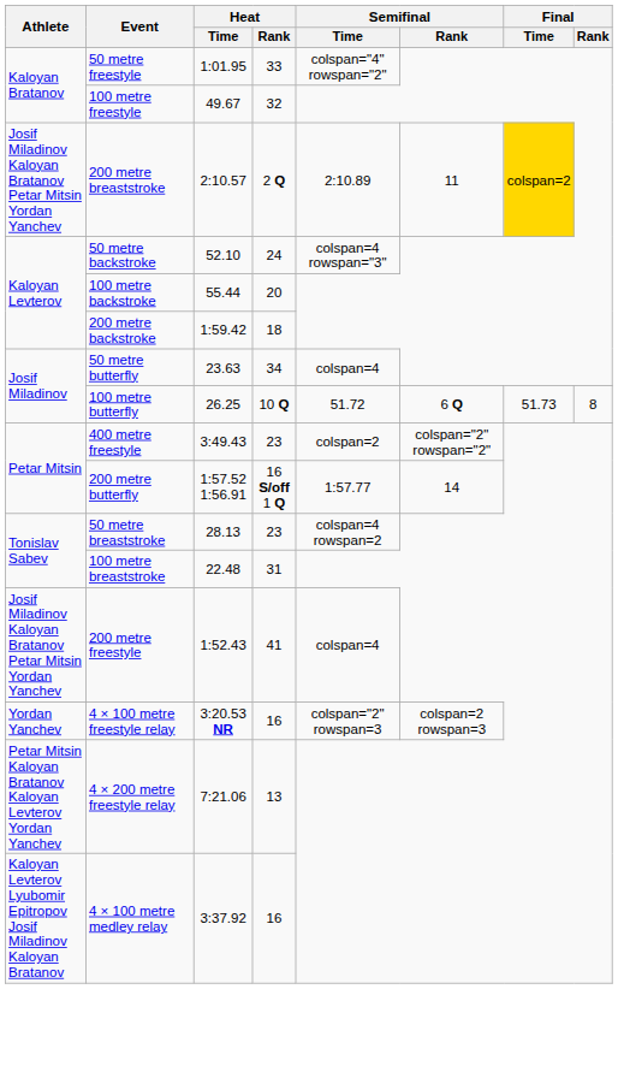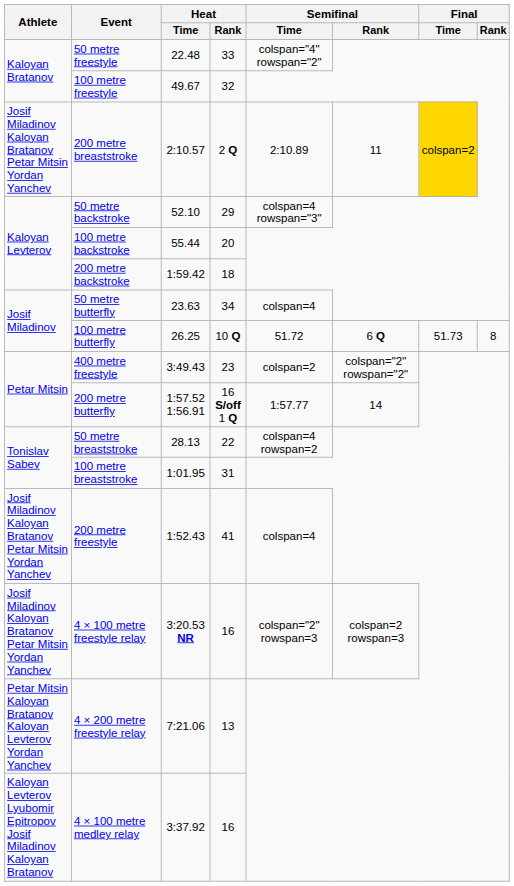 <table class="wikitable" style="text-align:center; font-size:90%; width:50%;">
 <tr>
 <th rowspan="2">Athlete</th>
 <th rowspan="2">Event</th>
 <th colspan="2">Heat</th>
 <th colspan="2">Semifinal</th>
 <th colspan="2">Final</th>
 </tr>
 <tr style="font-size:95%">
 <th>Time</th>
 <th>Rank</th>
 <th>Time</th>
 <th>Rank</th>
 <th>Time</th>
 <th>Rank</th>
 </tr>
 <tr align=center>
 <td align=left rowspan="2"><a href='#'>Kaloyan Bratanov</a></td>
 <td align=left><a href='#'>50 metre freestyle</a></td>
-<td>1:01.95</td>
+<td>22.48</td>
 <td>33</td>
 <td>colspan="4" rowspan="2" </td>
 </tr>
 <tr align=center>
 <td align=left><a href='#'>100 metre freestyle</a></td>
 <td>49.67</td>
 <td>32</td>
 </tr>
 <tr align=center>
 <td align=left><a href='#'>Josif Miladinov</a><br><a href='#'>Kaloyan Bratanov</a> <br><a href='#'>Petar Mitsin</a> <br><a href='#'>Yordan Yanchev</a></td>
 <td align=left><a href='#'>200 metre breaststroke</a></td>
 <td>2:10.57</td>
 <td>2 <strong>Q</strong></td>
 <td>2:10.89</td>
 <td>11</td>
 <td style="background: gold;">colspan=2 </td>
 </tr>
 <tr>
 <td align=left rowspan="3"><a href='#'>Kaloyan Levterov</a></td>
 <td align=left><a href='#'>50 metre backstroke</a></td>
 <td>52.10</td>
-<td>24</td>
+<td>29</td>
 <td>colspan=4 rowspan="3" </td>
 </tr>
 <tr>
 <td align=left><a href='#'>100 metre backstroke</a></td>
 <td>55.44</td>
 <td>20</td>
 </tr>
 <tr>
 <td align=left><a href='#'>200 metre backstroke</a></td>
 <td>1:59.42</td>
 <td>18</td>
 </tr>
 <tr>
 <td align=left rowspan=2><a href='#'>Josif Miladinov</a></td>
 <td align=left><a href='#'>50 metre butterfly</a></td>
 <td>23.63</td>
 <td>34</td>
 <td>colspan=4 </td>
 </tr>
 <tr>
 <td align=left><a href='#'>100 metre butterfly</a></td>
 <td>26.25</td>
 <td>10 <strong>Q</strong></td>
 <td>51.72</td>
 <td>6 <strong>Q</strong></td>
 <td>51.73</td>
 <td>8</td>
 </tr>
 <tr align=center>
 <td align=left rowspan="2"><a href='#'>Petar Mitsin</a></td>
 <td align=left><a href='#'>400 metre freestyle</a></td>
 <td>3:49.43</td>
 <td>23</td>
 <td>colspan=2 </td>
 <td>colspan="2" rowspan="2" </td>
 </tr>
 <tr align=center>
 <td align=left><a href='#'>200 metre butterfly</a></td>
 <td>1:57.52 <br>1:56.91</td>
 <td>16 <strong>S/off</strong><br>1 <strong>Q</strong></td>
 <td>1:57.77</td>
 <td>14</td>
 </tr>
 <tr>
 <td align=left rowspan=2><a href='#'>Tonislav Sabev</a></td>
 <td align=left><a href='#'>50 metre breaststroke</a></td>
 <td>28.13</td>
-<td>23</td>
+<td>22</td>
 <td>colspan=4 rowspan=2 </td>
 </tr>
 <tr>
 <td align=left><a href='#'>100 metre breaststroke</a></td>
-<td>22.48</td>
+<td>1:01.95</td>
 <td>31</td>
 </tr>
 <tr align=center>
 <td align=left><a href='#'>Josif Miladinov</a><br><a href='#'>Kaloyan Bratanov</a> <br><a href='#'>Petar Mitsin</a> <br><a href='#'>Yordan Yanchev</a></td>
 <td align=left><a href='#'>200 metre freestyle</a></td>
 <td>1:52.43</td>
 <td>41</td>
 <td>colspan=4 </td>
 </tr>
 <tr>
-<td align=left><a href='#'>Yordan Yanchev</a></td>
+<td align=left><a href='#'>Josif Miladinov</a><br><a href='#'>Kaloyan Bratanov</a> <br><a href='#'>Petar Mitsin</a> <br><a href='#'>Yordan Yanchev</a></td>
 <td align=left><a href='#'>4 × 100 metre freestyle relay</a></td>
 <td>3:20.53 <strong><a href='#'>NR</a></strong></td>
 <td>16</td>
 <td>colspan="2" rowspan=3 </td>
 <td>colspan=2  rowspan=3 </td>
 </tr>
 <tr>
 <td align=left><a href='#'>Petar Mitsin</a> <br><a href='#'>Kaloyan Bratanov</a> <br><a href='#'>Kaloyan Levterov</a> <br><a href='#'>Yordan Yanchev</a></td>
 <td align=left><a href='#'>4 × 200 metre freestyle relay</a></td>
 <td>7:21.06</td>
 <td>13</td>
 </tr>
 <tr>
 <td align=left><a href='#'>Kaloyan Levterov</a> <br><a href='#'>Lyubomir Epitropov</a> <br><a href='#'>Josif Miladinov</a> <br><a href='#'>Kaloyan Bratanov</a></td>
 <td align=left><a href='#'>4 × 100 metre medley relay</a></td>
 <td>3:37.92</td>
 <td>16</td>
 </tr>
 </table>
